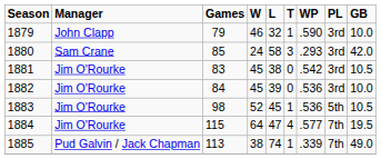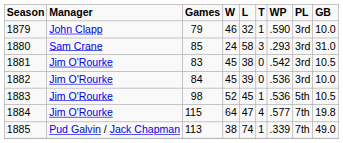 <table class="wikitable" | style="align: left; margin: 0px" |>
 <tr>
 <td><strong>Season</strong></td>
 <td><strong>Manager</strong></td>
 <td><strong>Games</strong></td>
 <td><strong>W</strong></td>
 <td><strong>L</strong></td>
 <td><strong>T</strong></td>
 <td><strong>WP</strong></td>
 <td><strong>PL</strong></td>
 <td><strong>GB</strong></td>
 </tr>
 <tr>
 <td>1879</td>
 <td><a href='#'>John Clapp</a></td>
 <td>  79</td>
 <td>46</td>
 <td>32</td>
 <td>1</td>
 <td>.590</td>
 <td>3rd</td>
 <td>10.0</td>
 </tr>
 <tr>
 <td>1880</td>
 <td><a href='#'>Sam Crane</a></td>
 <td>  85</td>
 <td>24</td>
 <td>58</td>
 <td>3</td>
 <td>.293</td>
 <td>3rd</td>
-<td>42.0</td>
+<td>31.0</td>
 </tr>
 <tr>
 <td>1881</td>
 <td><a href='#'>Jim O'Rourke</a></td>
 <td>  83</td>
 <td>45</td>
 <td>38</td>
 <td>0</td>
 <td>.542</td>
 <td>3rd</td>
 <td>10.5</td>
 </tr>
 <tr>
 <td>1882</td>
 <td><a href='#'>Jim O'Rourke</a></td>
 <td>  84</td>
 <td>45</td>
 <td>39</td>
 <td>0</td>
 <td>.536</td>
 <td>3rd</td>
 <td>10.0</td>
 </tr>
 <tr>
 <td>1883</td>
 <td><a href='#'>Jim O'Rourke</a></td>
 <td>  98</td>
 <td>52</td>
 <td>45</td>
 <td>1</td>
 <td>.536</td>
 <td>5th</td>
 <td>10.5</td>
 </tr>
 <tr>
 <td>1884</td>
 <td><a href='#'>Jim O'Rourke</a></td>
 <td>115</td>
 <td>64</td>
 <td>47</td>
 <td>4</td>
 <td>.577</td>
 <td>7th</td>
-<td>19.5</td>
+<td>19.8</td>
 </tr>
 <tr>
 <td>1885</td>
 <td><a href='#'>Pud Galvin</a> / <a href='#'>Jack Chapman</a></td>
 <td>113</td>
 <td>38</td>
 <td>74</td>
 <td>1</td>
 <td>.339</td>
 <td>7th</td>
 <td>49.0</td>
 </tr>
 <tr>
 </tr>
 </table>
